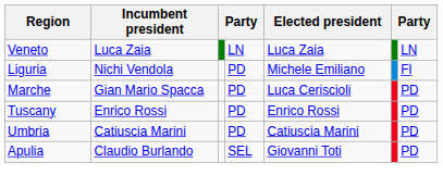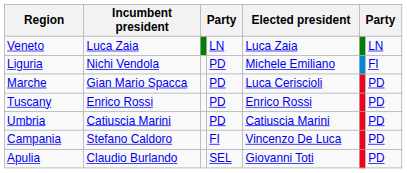 <table class="wikitable" style="valign:top;">
 <tr>
 <th style="width:100px;">Region</th>
 <th style="width:150px;">Incumbent president</th>
 <th colspan=2 style="width:50px;">Party</th>
 <th style="width:150px;">Elected president</th>
 <th colspan=2 style="width:50px;">Party</th>
 </tr>
 <tr>
 <td><a href='#'>Veneto</a></td>
 <td><a href='#'>Luca Zaia</a></td>
 <td width="1" bgcolor="#008000"></td>
 <td align="left"><a href='#'>LN</a></td>
 <td><a href='#'>Luca Zaia</a></td>
 <td width="1" bgcolor="#00800"></td>
 <td align="left"><a href='#'>LN</a></td>
 </tr>
 <tr>
 <td><a href='#'>Liguria</a></td>
 <td><a href='#'>Nichi Vendola</a></td>
 <td width="1"></td>
 <td align="left"><a href='#'>PD</a></td>
 <td><a href='#'>Michele Emiliano</a></td>
 <td width="1" bgcolor="#0087DC"></td>
 <td align="left"><a href='#'>FI</a></td>
 </tr>
 <tr>
 <td><a href='#'>Marche</a></td>
 <td><a href='#'>Gian Mario Spacca</a></td>
 <td width="1"></td>
 <td align="left"><a href='#'>PD</a></td>
 <td><a href='#'>Luca Ceriscioli</a></td>
 <td width="1" bgcolor="#F0001C"></td>
 <td align="left"><a href='#'>PD</a></td>
 </tr>
 <tr>
 <td><a href='#'>Tuscany</a></td>
 <td><a href='#'>Enrico Rossi</a></td>
 <td width="1"></td>
 <td align="left"><a href='#'>PD</a></td>
 <td><a href='#'>Enrico Rossi</a></td>
 <td width="1" bgcolor="#F0001C"></td>
 <td align="left"><a href='#'>PD</a></td>
 </tr>
 <tr>
 <td><a href='#'>Umbria</a></td>
 <td><a href='#'>Catiuscia Marini</a></td>
 <td width="1"></td>
 <td align="left"><a href='#'>PD</a></td>
 <td><a href='#'>Catiuscia Marini</a></td>
 <td width="1" bgcolor="#F0001C"></td>
 <td align="left"><a href='#'>PD</a></td>
 </tr>
 <tr>
+<td><a href='#'>Campania</a></td>
+<td><a href='#'>Stefano Caldoro</a></td>
+<td width="1"></td>
+<td align="left"><a href='#'>FI</a></td>
+<td><a href='#'>Vincenzo De Luca</a></td>
+<td width="1" bgcolor="#F0001C"></td>
+<td align="left"><a href='#'>PD</a></td>
+</tr>
+<tr>
 <td><a href='#'>Apulia</a></td>
 <td><a href='#'>Claudio Burlando</a></td>
 <td width="1"></td>
 <td align="left"><a href='#'>SEL</a></td>
 <td><a href='#'>Giovanni Toti</a></td>
 <td width="1" bgcolor="#F0001C"></td>
 <td align="left"><a href='#'>PD</a></td>
 </tr>
 </table>
